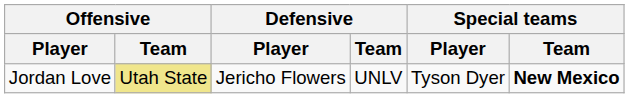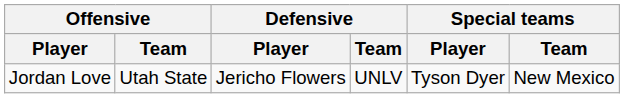 <table class="wikitable">
 <tr>
 <th colspan="2">Offensive</th>
 <th colspan="2">Defensive</th>
 <th colspan="2">Special teams</th>
 </tr>
 <tr>
 <th>Player</th>
 <th>Team</th>
 <th>Player</th>
 <th>Team</th>
 <th>Player</th>
 <th>Team</th>
 </tr>
 <tr>
 <td>Jordan Love</td>
-<td style="background: khaki;">Utah State</td>
+<td>Utah State</td>
 <td>Jericho Flowers</td>
 <td>UNLV</td>
 <td>Tyson Dyer</td>
-<td><strong>New Mexico</strong></td>
+<td>New Mexico</td>
 </tr>
 </table>
